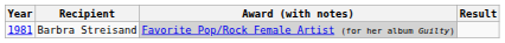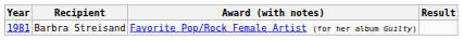 <table class="wikitable">
 <tr>
 <th>Year</th>
 <th>Recipient</th>
 <th>Award (with notes)</th>
 <th>Result</th>
 </tr>
 <tr>
 <td rowspan="5"><a href='#'>1981</a></td>
 <td>Barbra Streisand</td>
-<td style="background: lightgrey;"><a href='#'>Favorite Pop/Rock Female Artist</a> <small>(for her album <em>Guilty</em>)</small></td>
+<td><a href='#'>Favorite Pop/Rock Female Artist</a> <small>(for her album <em>Guilty</em>)</small></td>
 <td></td>
 </tr>
 </table>
